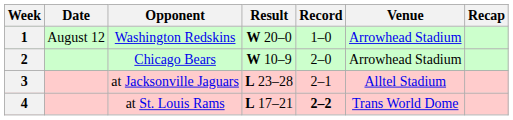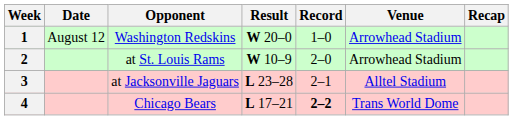 <table class="wikitable" style="text-align:center">
 <tr>
 <th>Week</th>
 <th>Date</th>
 <th>Opponent</th>
 <th>Result</th>
 <th>Record</th>
 <th>Venue</th>
 <th>Recap</th>
 </tr>
 <tr style="background:#cfc">
 <th>1</th>
 <td>August 12</td>
 <td><a href='#'>Washington Redskins</a></td>
 <td><strong>W</strong> 20–0</td>
 <td>1–0</td>
 <td><a href='#'>Arrowhead Stadium</a></td>
 <td></td>
 </tr>
 <tr style="background:#cfc">
 <th>2</th>
 <td></td>
-<td><a href='#'>Chicago Bears</a></td>
+<td>at <a href='#'>St. Louis Rams</a></td>
 <td><strong>W</strong> 10–9</td>
 <td>2–0</td>
 <td>Arrowhead Stadium</td>
 <td></td>
 </tr>
 <tr style="background:#fcc">
 <th>3</th>
 <td></td>
 <td>at <a href='#'>Jacksonville Jaguars</a></td>
 <td><strong>L</strong> 23–28</td>
 <td>2–1</td>
 <td><a href='#'>Alltel Stadium</a></td>
 <td></td>
 </tr>
 <tr style="background:#fcc">
 <th>4</th>
 <td></td>
-<td>at <a href='#'>St. Louis Rams</a></td>
+<td><a href='#'>Chicago Bears</a></td>
 <td><strong>L</strong> 17–21</td>
 <td><strong>2–2</strong></td>
 <td><a href='#'>Trans World Dome</a></td>
 <td></td>
 </tr>
 </table>
